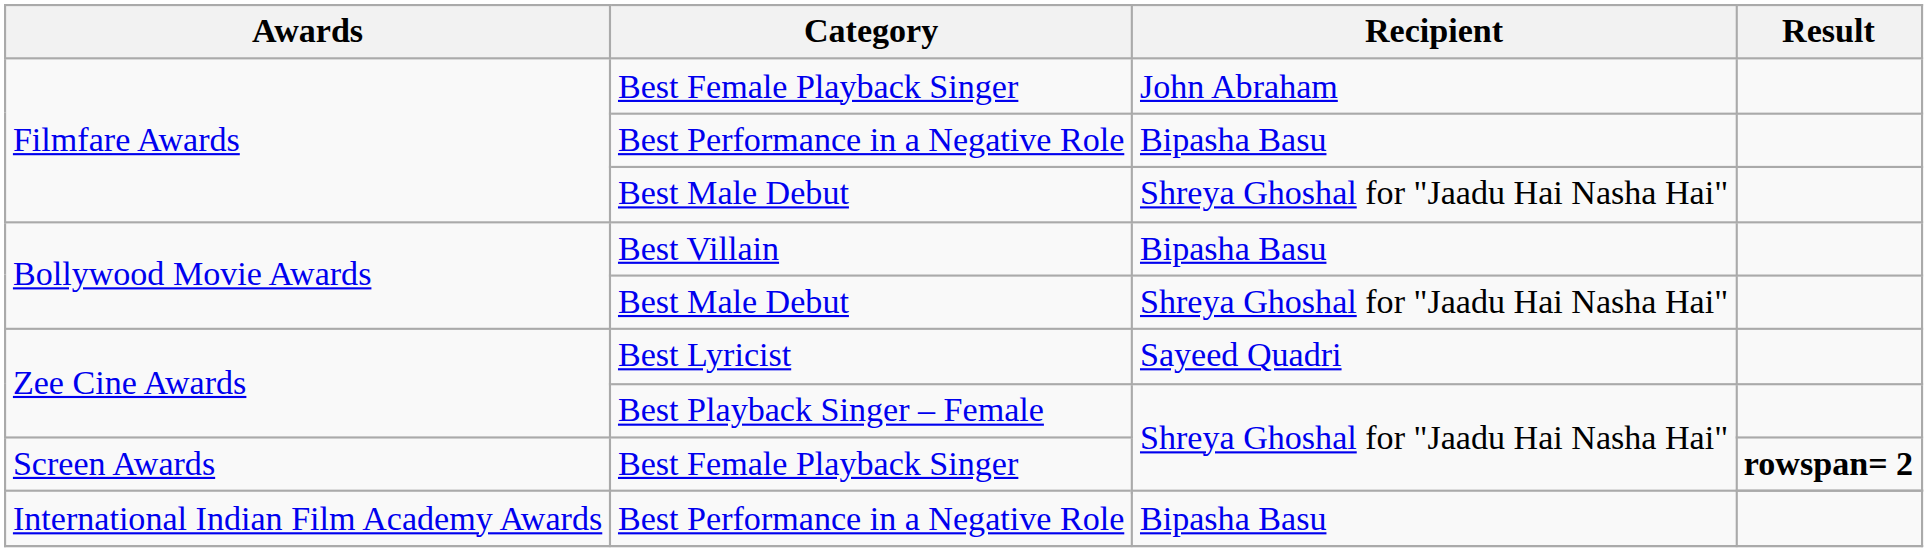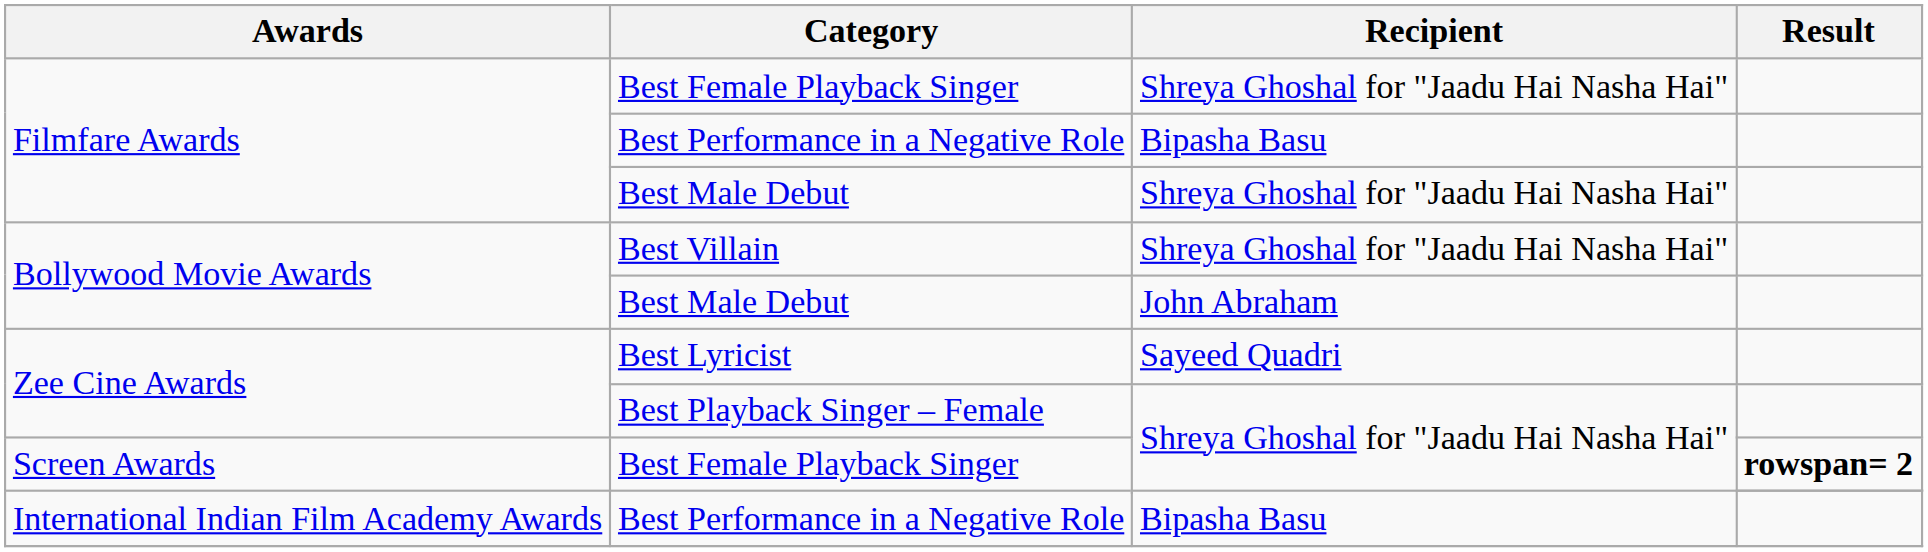 <table class="wikitable sortable">
 <tr>
 <th>Awards</th>
 <th>Category</th>
 <th>Recipient</th>
 <th>Result</th>
 </tr>
 <tr>
 <td rowspan=3><a href='#'>Filmfare Awards</a></td>
 <td><a href='#'>Best Female Playback Singer</a></td>
-<td><a href='#'>John Abraham</a></td>
+<td><a href='#'>Shreya Ghoshal</a> for "Jaadu Hai Nasha Hai"</td>
 <td></td>
 </tr>
 <tr>
 <td><a href='#'>Best Performance in a Negative Role</a></td>
 <td><a href='#'>Bipasha Basu</a></td>
 <td></td>
 </tr>
 <tr>
 <td><a href='#'>Best Male Debut</a></td>
 <td><a href='#'>Shreya Ghoshal</a> for "Jaadu Hai Nasha Hai"</td>
 <td></td>
 </tr>
 <tr>
 <td rowspan=2><a href='#'>Bollywood Movie Awards</a></td>
 <td><a href='#'>Best Villain</a></td>
-<td><a href='#'>Bipasha Basu</a></td>
+<td><a href='#'>Shreya Ghoshal</a> for "Jaadu Hai Nasha Hai"</td>
 <td></td>
 </tr>
 <tr>
 <td><a href='#'>Best Male Debut</a></td>
-<td><a href='#'>Shreya Ghoshal</a> for "Jaadu Hai Nasha Hai"</td>
+<td><a href='#'>John Abraham</a></td>
 <td></td>
 </tr>
 <tr>
 <td rowspan=2><a href='#'>Zee Cine Awards</a></td>
 <td><a href='#'>Best Lyricist</a></td>
 <td><a href='#'>Sayeed Quadri</a></td>
 <td></td>
 </tr>
 <tr>
 <td><a href='#'>Best Playback Singer – Female</a></td>
 <td rowspan="3"><a href='#'>Shreya Ghoshal</a> for "Jaadu Hai Nasha Hai"</td>
 <td></td>
 </tr>
 <tr>
 <td><a href='#'>Screen Awards</a></td>
 <td rowspan="2"><a href='#'>Best Female Playback Singer</a></td>
 <td><strong>rowspan= 2 </strong></td>
 </tr>
 <tr>
 <td rowspan="2"><a href='#'>International Indian Film Academy Awards</a></td>
 </tr>
 <tr>
 <td><a href='#'>Best Performance in a Negative Role</a></td>
 <td><a href='#'>Bipasha Basu</a></td>
 <td></td>
 </tr>
 <tr>
 </tr>
 </table>
